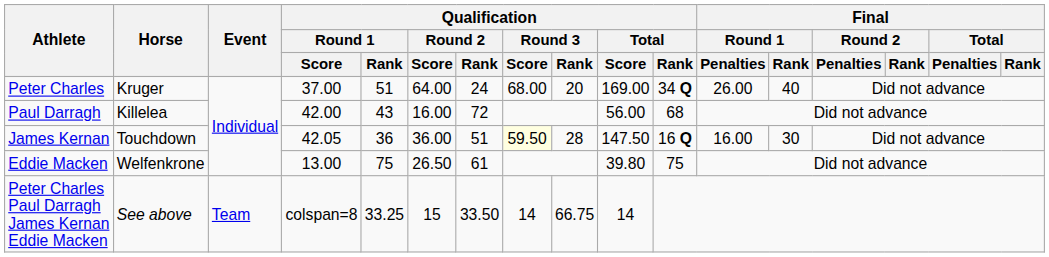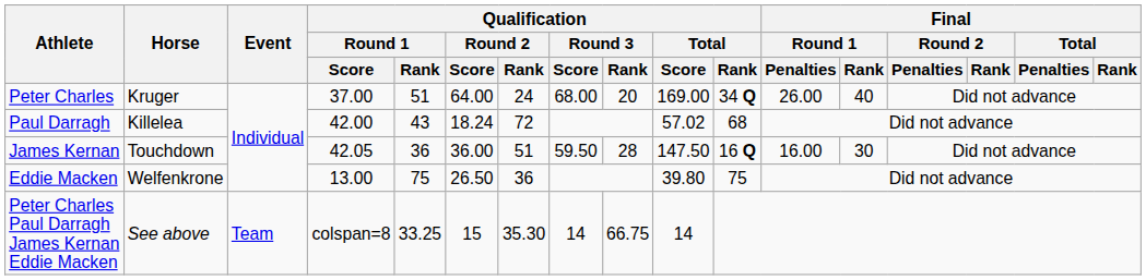 <table class=wikitable style="font-size:90%">
 <tr>
 <th rowspan="3">Athlete</th>
 <th rowspan="3">Horse</th>
 <th rowspan="3">Event</th>
 <th colspan="8">Qualification</th>
 <th colspan="6">Final</th>
 </tr>
 <tr style="font-size:95%">
 <th colspan=2>Round 1</th>
 <th colspan=2>Round 2</th>
 <th colspan=2>Round 3</th>
 <th colspan=2>Total</th>
 <th colspan=2>Round 1</th>
 <th colspan=2>Round 2</th>
 <th colspan=2>Total</th>
 </tr>
 <tr style="font-size:95%">
 <th>Score</th>
 <th>Rank</th>
 <th>Score</th>
 <th>Rank</th>
 <th>Score</th>
 <th>Rank</th>
 <th>Score</th>
 <th>Rank</th>
 <th>Penalties</th>
 <th>Rank</th>
 <th>Penalties</th>
 <th>Rank</th>
 <th>Penalties</th>
 <th>Rank</th>
 </tr>
 <tr align=center>
 <td align=left><a href='#'>Peter Charles</a></td>
 <td align=left>Kruger</td>
 <td align=left rowspan=4><a href='#'>Individual</a></td>
 <td>37.00</td>
 <td>51</td>
 <td>64.00</td>
 <td>24</td>
 <td>68.00</td>
 <td>20</td>
 <td>169.00</td>
 <td>34 <strong>Q</strong></td>
 <td>26.00</td>
 <td>40</td>
 <td colspan=4>Did not advance</td>
 </tr>
 <tr align=center>
 <td align=left><a href='#'>Paul Darragh</a></td>
 <td align=left>Killelea</td>
 <td>42.00</td>
 <td>43</td>
-<td>16.00</td>
+<td>18.24</td>
 <td>72</td>
 <td colspan=2></td>
-<td>56.00</td>
+<td>57.02</td>
 <td>68</td>
 <td colspan=6>Did not advance</td>
 </tr>
 <tr align=center>
 <td align=left><a href='#'>James Kernan</a></td>
 <td align=left>Touchdown</td>
 <td>42.05</td>
 <td>36</td>
 <td>36.00</td>
 <td>51</td>
-<td style="background: lightyellow;">59.50</td>
+<td>59.50</td>
 <td>28</td>
 <td>147.50</td>
 <td>16 <strong>Q</strong></td>
 <td>16.00</td>
 <td>30</td>
 <td colspan=4>Did not advance</td>
 </tr>
 <tr align=center>
 <td align=left><a href='#'>Eddie Macken</a></td>
 <td align=left>Welfenkrone</td>
 <td>13.00</td>
 <td>75</td>
 <td>26.50</td>
-<td>61</td>
+<td>36</td>
 <td colspan=2></td>
 <td>39.80</td>
 <td>75</td>
 <td colspan=6>Did not advance</td>
 </tr>
 <tr align=center>
 <td align=left><a href='#'>Peter Charles</a><br><a href='#'>Paul Darragh</a><br><a href='#'>James Kernan</a><br><a href='#'>Eddie Macken</a></td>
 <td align=left><em>See above</em></td>
 <td align=left><a href='#'>Team</a></td>
 <td>colspan=8</td>
 <td>33.25</td>
 <td>15</td>
-<td>33.50</td>
+<td>35.30</td>
 <td>14</td>
 <td>66.75</td>
 <td>14</td>
 </tr>
 </table>
